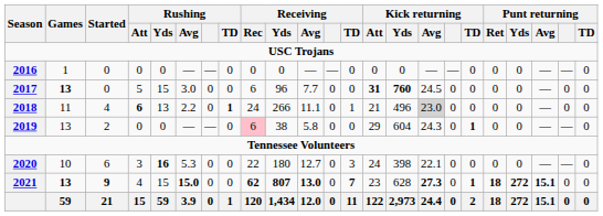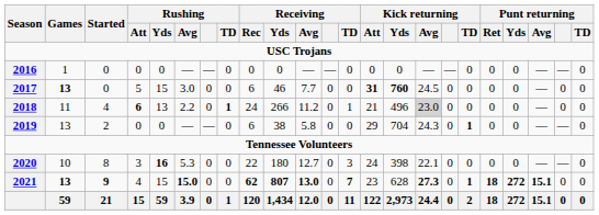 <table class="wikitable" style="text-align:center;">
 <tr>
 <th rowspan="2">Season</th>
 <th rowspan="2">Games</th>
 <th rowspan="2">Started</th>
 <th colspan="5">Rushing</th>
 <th colspan="5">Receiving</th>
 <th colspan="5">Kick returning</th>
 <th colspan="5">Punt returning</th>
 </tr>
 <tr>
 <th>Att</th>
 <th>Yds</th>
 <th>Avg</th>
 <th></th>
 <th>TD</th>
 <th>Rec</th>
 <th>Yds</th>
 <th>Avg</th>
 <th></th>
 <th>TD</th>
 <th>Att</th>
 <th>Yds</th>
 <th>Avg</th>
 <th></th>
 <th>TD</th>
 <th>Ret</th>
 <th>Yds</th>
 <th>Avg</th>
 <th></th>
 <th>TD</th>
 </tr>
 <tr>
 <td colspan="23"><strong>USC Trojans</strong></td>
 </tr>
 <tr>
 <th><a href='#'>2016</a></th>
 <td>1</td>
 <td>0</td>
 <td>0</td>
 <td>0</td>
 <td>—</td>
 <td>—</td>
 <td>0</td>
 <td>0</td>
 <td>0</td>
 <td>—</td>
 <td>—</td>
 <td>0</td>
 <td>0</td>
 <td>0</td>
 <td>—</td>
 <td>—</td>
 <td>0</td>
 <td>0</td>
 <td>0</td>
 <td>—</td>
 <td>—</td>
 <td>0</td>
 </tr>
 <tr>
 <th><a href='#'>2017</a></th>
 <td><strong>13</strong></td>
 <td>0</td>
 <td>5</td>
 <td>15</td>
 <td>3.0</td>
 <td>0</td>
 <td>0</td>
 <td>6</td>
-<td>96</td>
+<td>46</td>
 <td>7.7</td>
 <td>0</td>
 <td>0</td>
 <td><strong>31</strong></td>
 <td><strong>760</strong></td>
 <td>24.5</td>
 <td>0</td>
 <td>0</td>
 <td>0</td>
 <td>0</td>
 <td>—</td>
 <td>0</td>
 <td>0</td>
 </tr>
 <tr>
 <th><a href='#'>2018</a></th>
 <td>11</td>
 <td>4</td>
 <td><strong>6</strong></td>
 <td>13</td>
 <td>2.2</td>
 <td>0</td>
 <td><strong>1</strong></td>
 <td>24</td>
 <td>266</td>
-<td>11.1</td>
+<td>11.2</td>
 <td>0</td>
 <td>1</td>
 <td>21</td>
 <td>496</td>
 <td style="background: lightgrey;">23.0</td>
 <td>0</td>
 <td>0</td>
 <td>0</td>
 <td>0</td>
 <td>—</td>
 <td>0</td>
 <td>0</td>
 </tr>
 <tr>
 <th><a href='#'>2019</a></th>
 <td>13</td>
 <td>2</td>
 <td>0</td>
 <td>0</td>
 <td>—</td>
 <td>—</td>
 <td>0</td>
-<td style="background: pink;">6</td>
+<td>6</td>
 <td>38</td>
 <td>5.8</td>
 <td>0</td>
 <td>0</td>
 <td>29</td>
-<td>604</td>
+<td>704</td>
 <td>24.3</td>
 <td>0</td>
 <td><strong>1</strong></td>
 <td>0</td>
 <td>0</td>
 <td>—</td>
 <td>—</td>
 <td>0</td>
 </tr>
 <tr>
 <td colspan="23"><strong>Tennessee Volunteers</strong></td>
 </tr>
 <tr>
 <th><a href='#'>2020</a></th>
 <td>10</td>
-<td>6</td>
+<td>8</td>
 <td>3</td>
 <td><strong>16</strong></td>
 <td>5.3</td>
 <td>0</td>
 <td>0</td>
 <td>22</td>
 <td>180</td>
 <td>12.7</td>
 <td>0</td>
 <td>3</td>
 <td>24</td>
 <td>398</td>
 <td>22.1</td>
 <td>0</td>
 <td>0</td>
 <td>0</td>
 <td>0</td>
 <td>—</td>
 <td>—</td>
 <td>0</td>
 </tr>
 <tr>
 <th><a href='#'>2021</a></th>
 <td><strong>13</strong></td>
 <td><strong>9</strong></td>
 <td>4</td>
 <td>15</td>
 <td><strong>15.0</strong></td>
 <td>0</td>
 <td>0</td>
 <td><strong>62</strong></td>
 <td><strong>807</strong></td>
 <td><strong>13.0</strong></td>
 <td>0</td>
 <td><strong>7</strong></td>
 <td>23</td>
 <td>628</td>
 <td><strong>27.3</strong></td>
 <td>0</td>
 <td><strong>1</strong></td>
 <td><strong>18</strong></td>
 <td><strong>272</strong></td>
 <td><strong>15.1</strong></td>
 <td>0</td>
 <td>0</td>
 </tr>
 <tr>
 <th></th>
 <th>59</th>
 <th>21</th>
 <th>15</th>
 <th>59</th>
 <th>3.9</th>
 <th>0</th>
 <th>1</th>
 <th>120</th>
 <th>1,434</th>
 <th>12.0</th>
 <th>0</th>
 <th>11</th>
 <th>122</th>
 <th>2,973</th>
 <th>24.4</th>
 <th>0</th>
 <th>2</th>
 <th>18</th>
 <th>272</th>
 <th>15.1</th>
 <th>0</th>
 <th>0</th>
 </tr>
 </table>
